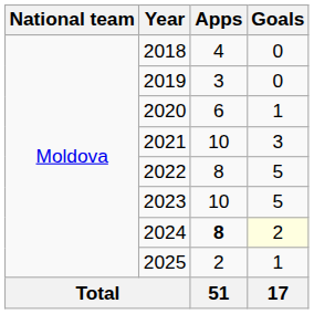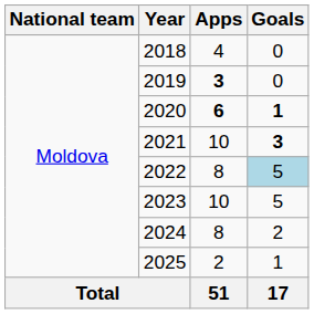 <table class="wikitable" style="text-align:center">
 <tr>
 <th>National team</th>
 <th>Year</th>
 <th>Apps</th>
 <th>Goals</th>
 </tr>
 <tr>
 <td rowspan="8"><a href='#'>Moldova</a></td>
 <td>2018</td>
 <td>4</td>
 <td>0</td>
 </tr>
 <tr>
 <td>2019</td>
-<td>3</td>
+<td><strong>3</strong></td>
 <td>0</td>
 </tr>
 <tr>
 <td>2020</td>
-<td>6</td>
-<td>1</td>
+<td><strong>6</strong></td>
+<td><strong>1</strong></td>
 </tr>
 <tr>
 <td>2021</td>
 <td>10</td>
-<td>3</td>
+<td><strong>3</strong></td>
 </tr>
 <tr>
 <td>2022</td>
 <td>8</td>
-<td>5</td>
+<td style="background: lightblue;">5</td>
 </tr>
 <tr>
 <td>2023</td>
 <td>10</td>
 <td>5</td>
 </tr>
 <tr>
 <td>2024</td>
-<td><strong>8</strong></td>
-<td style="background: lightyellow;">2</td>
+<td>8</td>
+<td>2</td>
 </tr>
 <tr>
 <td>2025</td>
 <td>2</td>
 <td>1</td>
 </tr>
 <tr>
 <th colspan="2">Total</th>
 <th>51</th>
 <th>17</th>
 </tr>
 </table>
